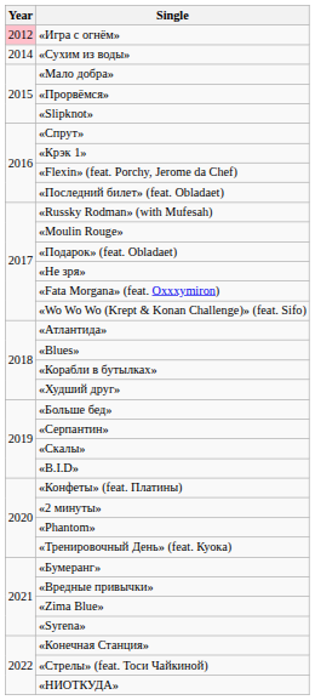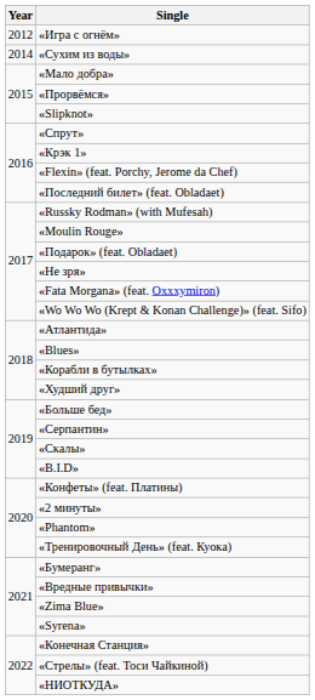 <table class="wikitable">
 <tr>
 <th>Year</th>
 <th>Single</th>
 </tr>
 <tr>
-<td style="background: pink;">2012</td>
+<td>2012</td>
 <td>«Игра с огнём»</td>
 </tr>
 <tr>
 <td>2014</td>
 <td>«Сухим из воды»</td>
 </tr>
 <tr>
 <td rowspan="3">2015</td>
 <td>«Мало добра»</td>
 </tr>
 <tr>
 <td>«Прорвёмся»</td>
 </tr>
 <tr>
 <td>«Slipknot»</td>
 </tr>
 <tr>
 <td rowspan="4">2016</td>
 <td>«Спрут»</td>
 </tr>
 <tr>
 <td>«Крэк 1»</td>
 </tr>
 <tr>
 <td>«Flexin» (feat. Porchy, Jerome da Chef)</td>
 </tr>
 <tr>
 <td>«Последний билет» (feat. Obladaet)</td>
 </tr>
 <tr>
 <td rowspan="6">2017</td>
 <td>«Russky Rodman» (with Mufesah)</td>
 </tr>
 <tr>
 <td>«Moulin Rouge»</td>
 </tr>
 <tr>
 <td>«Подарок» (feat. Obladaet)</td>
 </tr>
 <tr>
 <td>«Не зря»</td>
 </tr>
 <tr>
 <td>«Fata Morgana» (feat. <a href='#'>Oxxxymiron</a>)</td>
 </tr>
 <tr>
 <td>«Wo Wo Wo (Krept & Konan Challenge)» (feat. Sifo)</td>
 </tr>
 <tr>
 <td rowspan="4">2018</td>
 <td>«Атлантида»</td>
 </tr>
 <tr>
 <td>«Blues»</td>
 </tr>
 <tr>
 <td>«Корабли в бутылках»</td>
 </tr>
 <tr>
 <td>«Худший друг»</td>
 </tr>
 <tr>
 <td rowspan="4">2019</td>
 <td>«Больше бед»</td>
 </tr>
 <tr>
 <td>«Серпантин»</td>
 </tr>
 <tr>
 <td>«Скалы»</td>
 </tr>
 <tr>
 <td>«B.I.D»</td>
 </tr>
 <tr>
 <td rowspan="4">2020</td>
 <td>«Конфеты» (feat. Платины)</td>
 </tr>
 <tr>
 <td>«2 минуты»</td>
 </tr>
 <tr>
 <td>«Phantom»</td>
 </tr>
 <tr>
 <td>«Тренировочный День» (feat. Куока)</td>
 </tr>
 <tr>
 <td rowspan="4">2021</td>
 <td>«Бумеранг»</td>
 </tr>
 <tr>
 <td>«Вредные привычки»</td>
 </tr>
 <tr>
 <td>«Zima Blue»</td>
 </tr>
 <tr>
 <td>«Syrena»</td>
 </tr>
 <tr>
 <td rowspan="5">2022</td>
 <td>«Конечная Станция»</td>
 </tr>
 <tr>
 <td>«Стрелы» (feat. Тоси Чайкиной)</td>
 </tr>
 <tr>
 <td>«НИОТКУДА»</td>
 </tr>
 </table>
